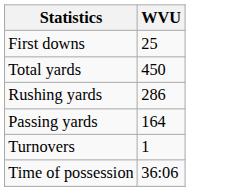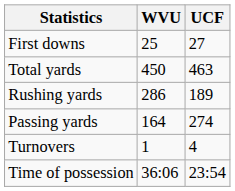 <table class="wikitable" style="float: left;">
 <tr>
 <th>Statistics</th>
 <th>WVU</th>
+<th>UCF</th>
 </tr>
 <tr>
 <td>First downs</td>
 <td>25</td>
+<td>27</td>
 </tr>
 <tr>
 <td>Total yards</td>
 <td>450</td>
+<td>463</td>
 </tr>
 <tr>
 <td>Rushing yards</td>
 <td>286</td>
+<td>189</td>
 </tr>
 <tr>
 <td>Passing yards</td>
 <td>164</td>
+<td>274</td>
 </tr>
 <tr>
 <td>Turnovers</td>
 <td>1</td>
+<td>4</td>
 </tr>
 <tr>
 <td>Time of possession</td>
 <td>36:06</td>
+<td>23:54</td>
 </tr>
 </table>
